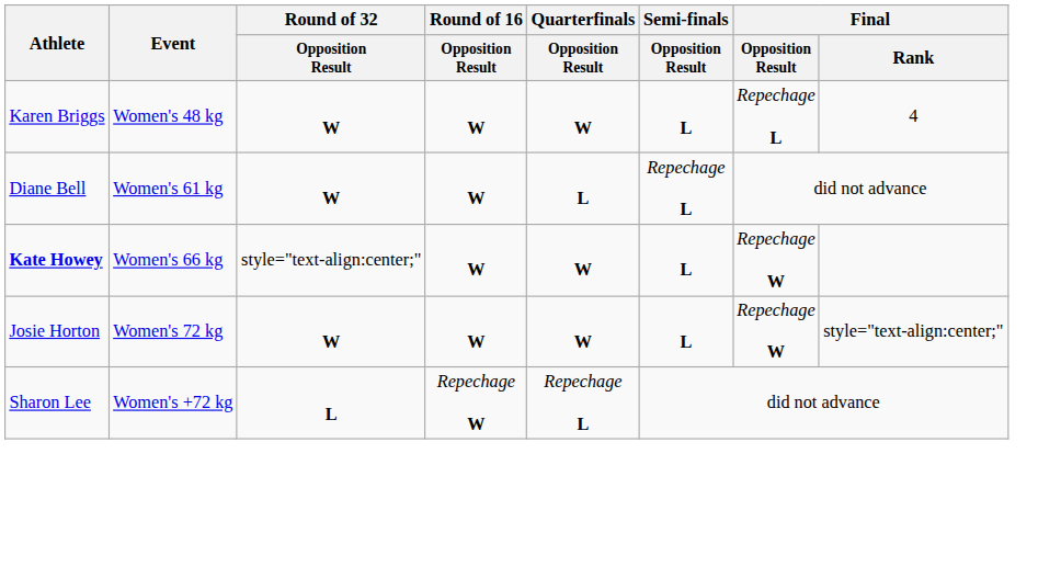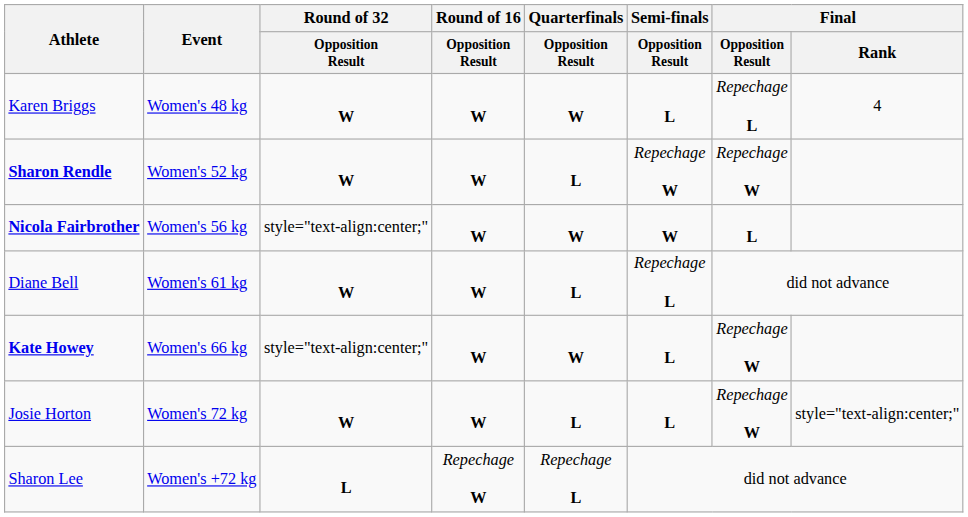 <table class=wikitable style="font-size:90%">
 <tr>
 <th rowspan="2">Athlete</th>
 <th rowspan="2">Event</th>
 <th>Round of 32</th>
 <th>Round of 16</th>
 <th>Quarterfinals</th>
 <th>Semi-finals</th>
 <th colspan="2">Final</th>
 </tr>
 <tr>
 <th style="line-height:1em"><small>Opposition<br>Result</small></th>
 <th style="line-height:1em"><small>Opposition<br>Result</small></th>
 <th style="line-height:1em"><small>Opposition<br>Result</small></th>
 <th style="line-height:1em"><small>Opposition<br>Result</small></th>
 <th style="line-height:1em"><small>Opposition<br>Result</small></th>
 <th>Rank</th>
 </tr>
 <tr style="text-align:center;">
 <td style="text-align:left;"><a href='#'>Karen Briggs</a></td>
 <td style="text-align:left;"><a href='#'>Women's 48 kg</a></td>
 <td style="text-align:center;"><br><strong>W</strong></td>
 <td style="text-align:center;"><br><strong>W</strong></td>
 <td style="text-align:center;"><br><strong>W</strong></td>
 <td style="text-align:center;"><br><strong>L</strong></td>
 <td style="text-align:center;"><em>Repechage</em><br><br><strong>L</strong></td>
 <td style="text-align:center;">4</td>
 </tr>
 <tr style="text-align:center;">
+<td style="text-align:left;"><strong><a href='#'>Sharon Rendle</a></strong></td>
+<td style="text-align:left;"><a href='#'>Women's 52 kg</a></td>
+<td style="text-align:center;"><br><strong>W</strong></td>
+<td style="text-align:center;"><br><strong>W</strong></td>
+<td style="text-align:center;"><br><strong>L</strong></td>
+<td style="text-align:center;"><em>Repechage</em><br><br><strong>W</strong></td>
+<td style="text-align:center;"><em>Repechage</em><br><br><strong>W</strong></td>
+<td style="text-align:center;"></td>
+</tr>
+<tr style="text-align:center;">
+<td style="text-align:left;"><strong><a href='#'>Nicola Fairbrother</a></strong></td>
+<td style="text-align:left;"><a href='#'>Women's 56 kg</a></td>
+<td>style="text-align:center;"</td>
+<td style="text-align:center;"><br><strong>W</strong></td>
+<td style="text-align:center;"><br><strong>W</strong></td>
+<td style="text-align:center;"><br><strong>W</strong></td>
+<td style="text-align:center;"><br><strong>L</strong></td>
+<td style="text-align:center;"></td>
+</tr>
+<tr style="text-align:center;">
 <td style="text-align:left;"><a href='#'>Diane Bell</a></td>
 <td style="text-align:left;"><a href='#'>Women's 61 kg</a></td>
 <td style="text-align:center;"><br><strong>W</strong></td>
 <td style="text-align:center;"><br><strong>W</strong></td>
 <td style="text-align:center;"><br><strong>L</strong></td>
 <td style="text-align:center;"><em>Repechage</em><br><br><strong>L</strong></td>
 <td style="text-align:center;" colspan="2">did not advance</td>
 </tr>
 <tr style="text-align:center;">
 <td style="text-align:left;"><strong><a href='#'>Kate Howey</a></strong></td>
 <td style="text-align:left;"><a href='#'>Women's 66 kg</a></td>
 <td>style="text-align:center;"</td>
 <td style="text-align:center;"><br><strong>W</strong></td>
 <td style="text-align:center;"><br><strong>W</strong></td>
 <td style="text-align:center;"><br><strong>L</strong></td>
 <td style="text-align:center;"><em>Repechage</em><br><br><strong>W</strong></td>
 <td style="text-align:center;"></td>
 </tr>
 <tr style="text-align:center;">
 <td style="text-align:left;"><a href='#'>Josie Horton</a></td>
 <td style="text-align:left;"><a href='#'>Women's 72 kg</a></td>
 <td style="text-align:center;"><br><strong>W</strong></td>
 <td style="text-align:center;"><br><strong>W</strong></td>
-<td style="text-align:center;"><br><strong>W</strong></td>
+<td style="text-align:center;"><br><strong>L</strong></td>
 <td style="text-align:center;"><br><strong>L</strong></td>
 <td style="text-align:center;"><em>Repechage</em><br><br><strong>W</strong></td>
 <td>style="text-align:center;"</td>
 </tr>
 <tr style="text-align:center;">
 <td style="text-align:left;"><a href='#'>Sharon Lee</a></td>
 <td style="text-align:left;"><a href='#'>Women's +72 kg</a></td>
 <td style="text-align:center;"><br><strong>L</strong></td>
 <td style="text-align:center;"><em>Repechage</em><br><br><strong>W</strong></td>
 <td style="text-align:center;"><em>Repechage</em><br><br><strong>L</strong></td>
 <td style="text-align:center;" colspan="3">did not advance</td>
 </tr>
 </table>
